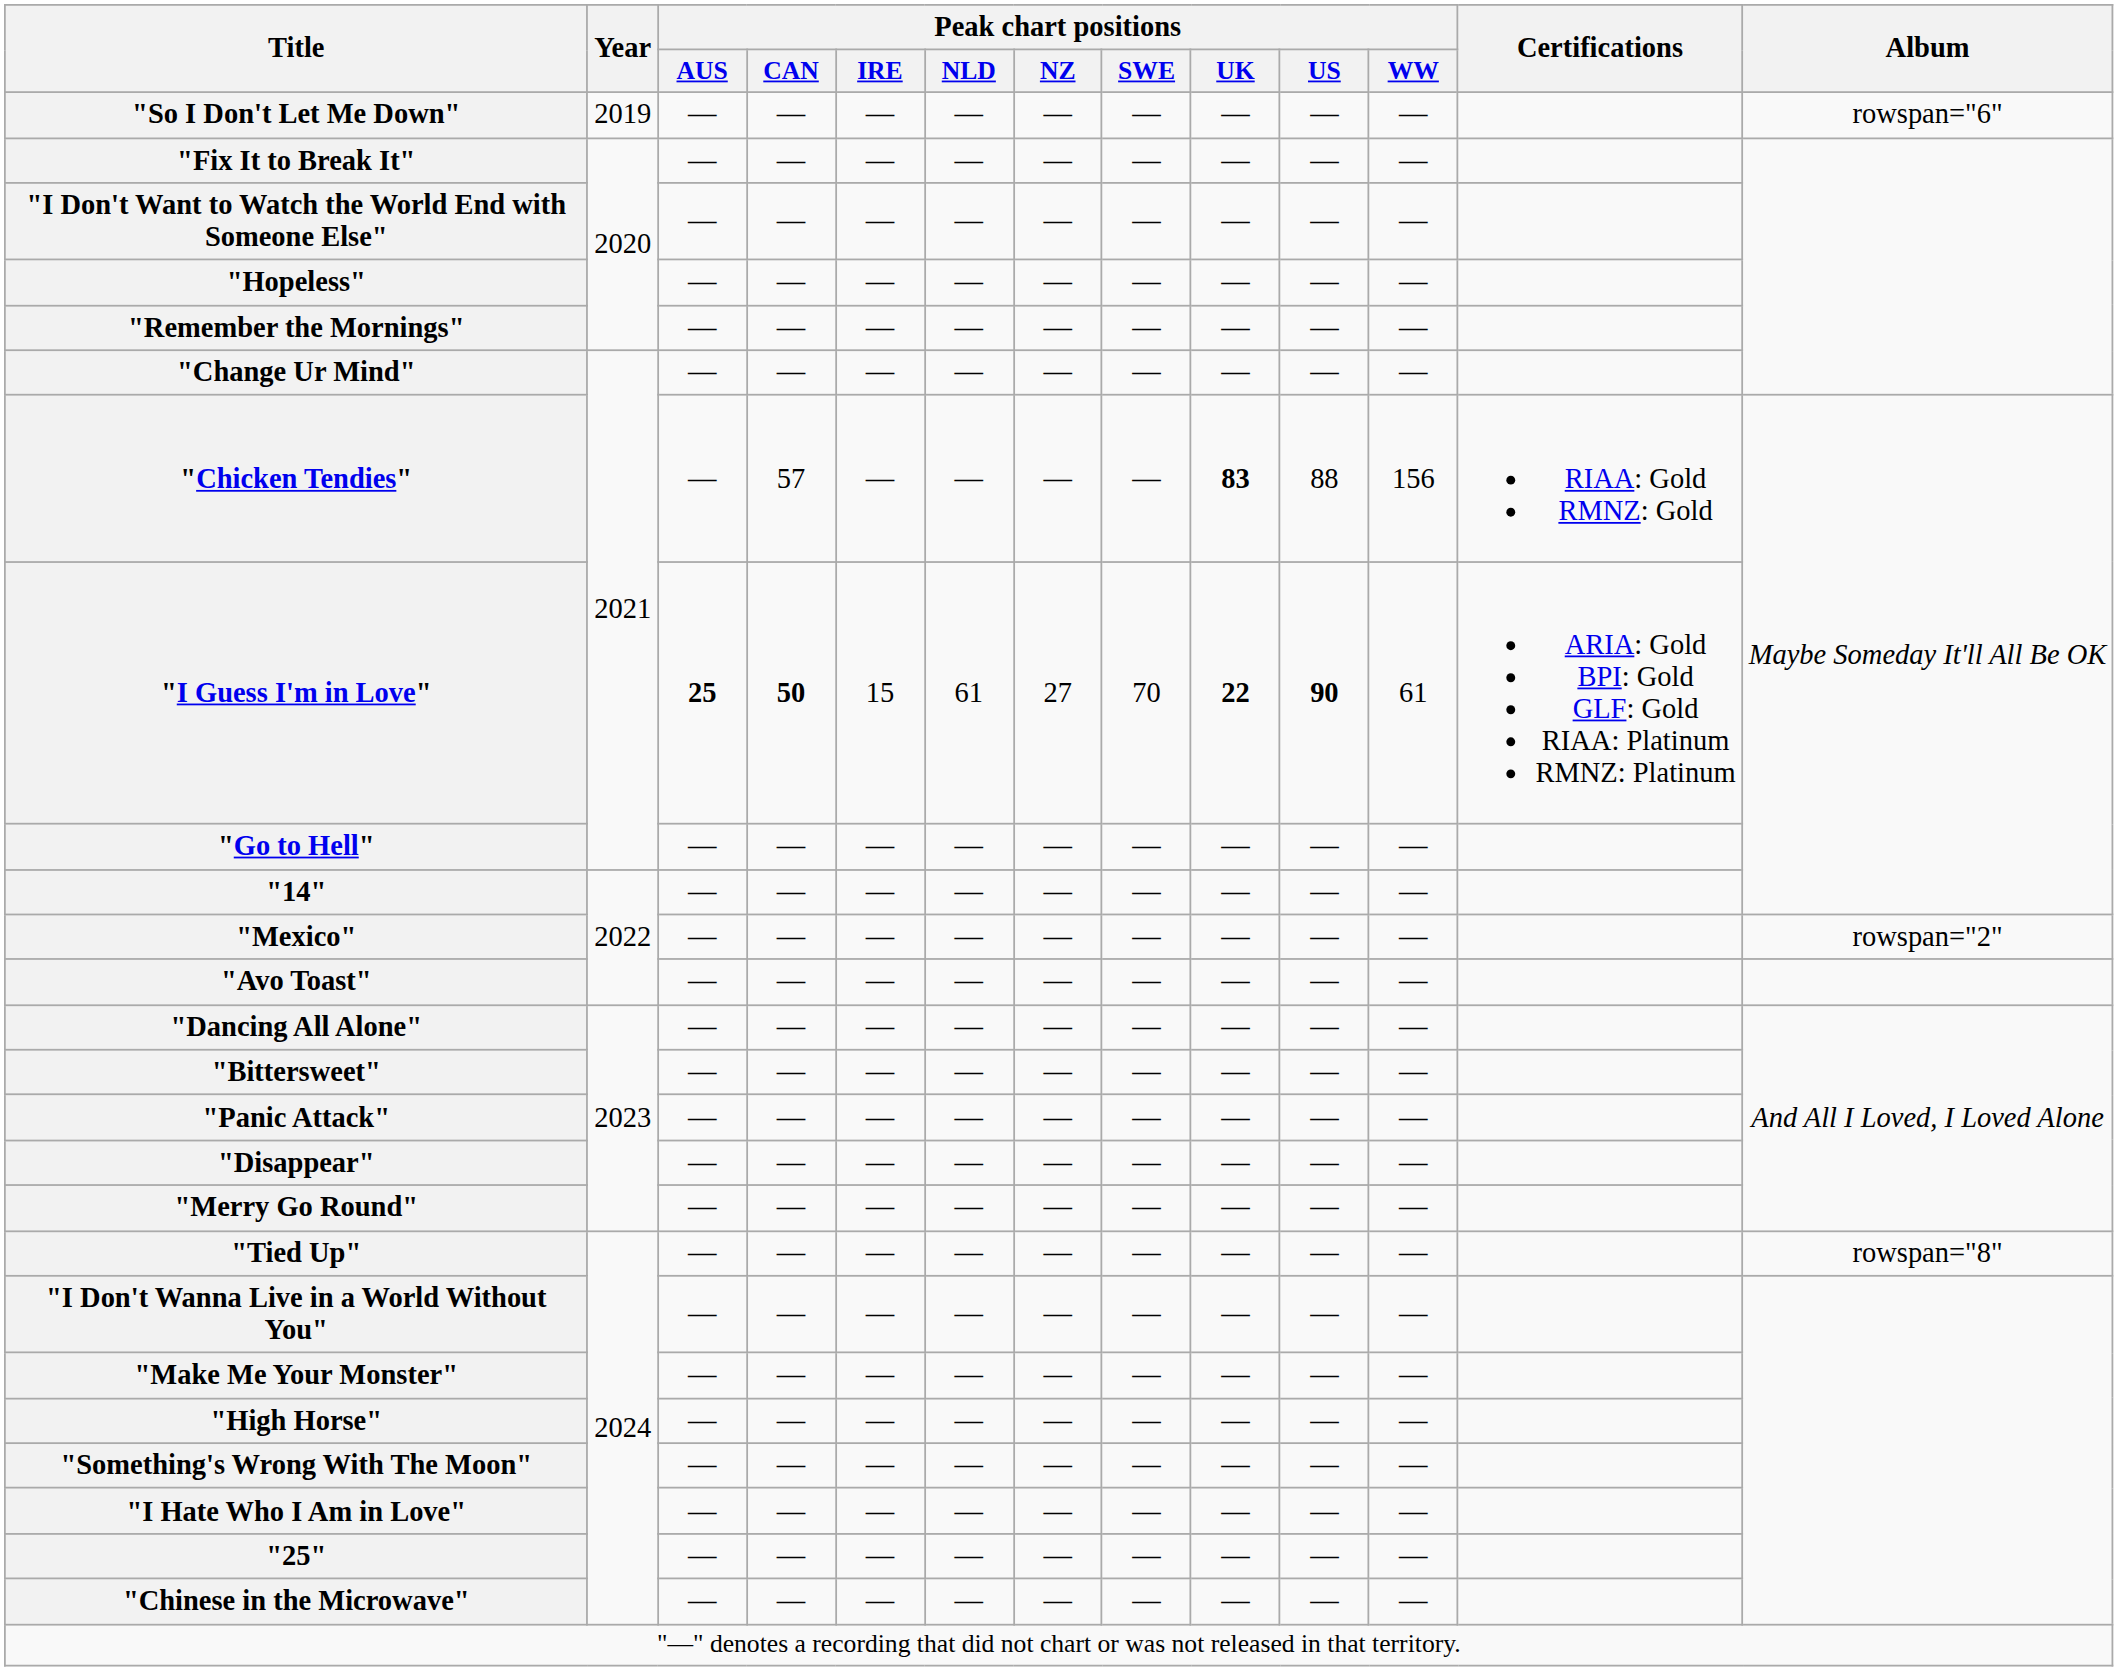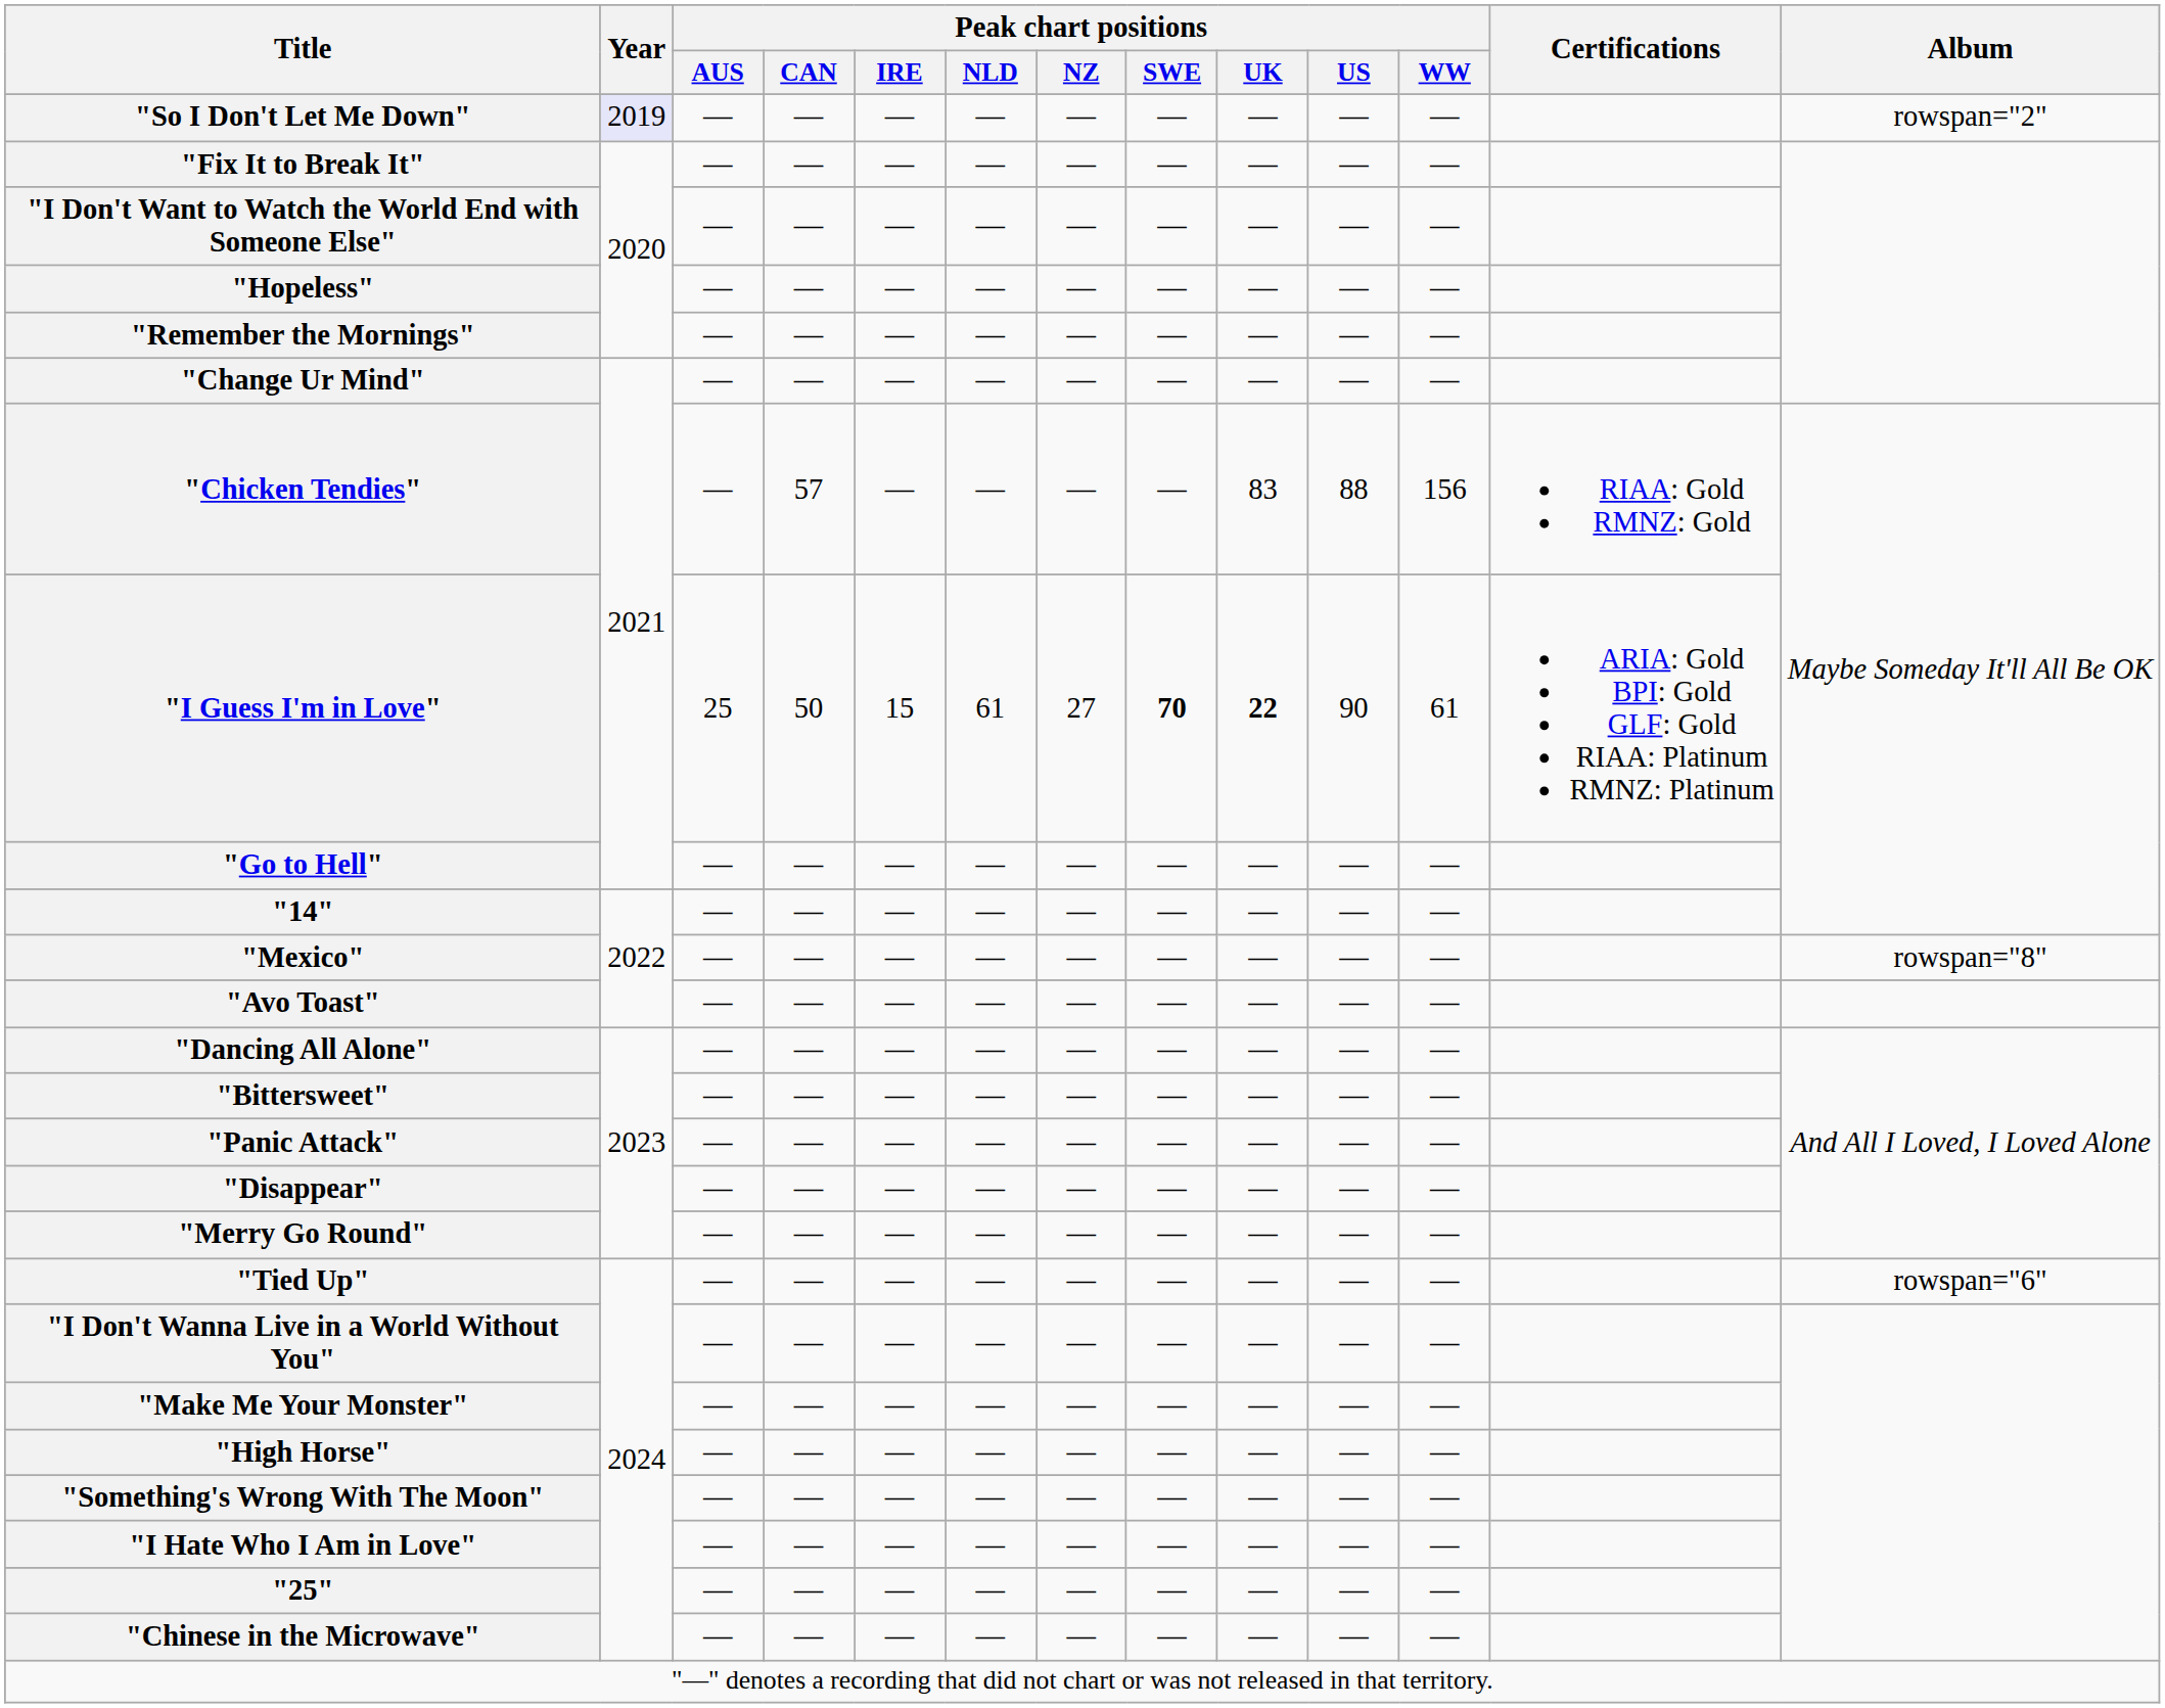 <table class="wikitable plainrowheaders" style="text-align:center;">
 <tr>
 <th scope="col" rowspan="2" style="width:20em;">Title</th>
 <th scope="col" rowspan="2">Year</th>
 <th scope="col" colspan="9">Peak chart positions</th>
 <th scope="col" rowspan="2">Certifications</th>
 <th scope="col" rowspan="2">Album</th>
 </tr>
 <tr>
 <th scope="col" style="width:3em;font-size:90%;"><a href='#'>AUS</a><br></th>
 <th scope="col" style="width:3em;font-size:90%;"><a href='#'>CAN</a><br></th>
 <th scope="col" style="width:3em;font-size:90%;"><a href='#'>IRE</a><br></th>
 <th scope="col" style="width:3em;font-size:90%;"><a href='#'>NLD</a><br></th>
 <th scope="col" style="width:3em;font-size:90%;"><a href='#'>NZ</a><br></th>
 <th scope="col" style="width:3em;font-size:90%;"><a href='#'>SWE</a><br></th>
 <th scope="col" style="width:3em;font-size:90%;"><a href='#'>UK</a><br></th>
 <th scope="col" style="width:3em;font-size:90%;"><a href='#'>US</a><br></th>
 <th scope="col" style="width:3em;font-size:90%;"><a href='#'>WW</a><br></th>
 </tr>
 <tr>
 <th scope="row">"So I Don't Let Me Down"</th>
-<td>2019</td>
+<td style="background: lavender;">2019</td>
 <td>—</td>
 <td>—</td>
 <td>—</td>
 <td>—</td>
 <td>—</td>
 <td>—</td>
 <td>—</td>
 <td>—</td>
 <td>—</td>
 <td></td>
-<td>rowspan="6" </td>
+<td>rowspan="2" </td>
 </tr>
 <tr>
 <th scope="row">"Fix It to Break It"</th>
 <td rowspan="4">2020</td>
 <td>—</td>
 <td>—</td>
 <td>—</td>
 <td>—</td>
 <td>—</td>
 <td>—</td>
 <td>—</td>
 <td>—</td>
 <td>—</td>
 <td></td>
 </tr>
 <tr>
 <th scope="row">"I Don't Want to Watch the World End with Someone Else"</th>
 <td>—</td>
 <td>—</td>
 <td>—</td>
 <td>—</td>
 <td>—</td>
 <td>—</td>
 <td>—</td>
 <td>—</td>
 <td>—</td>
 <td></td>
 </tr>
 <tr>
 <th scope="row">"Hopeless"</th>
 <td>—</td>
 <td>—</td>
 <td>—</td>
 <td>—</td>
 <td>—</td>
 <td>—</td>
 <td>—</td>
 <td>—</td>
 <td>—</td>
 <td></td>
 </tr>
 <tr>
 <th scope="row">"Remember the Mornings"</th>
 <td>—</td>
 <td>—</td>
 <td>—</td>
 <td>—</td>
 <td>—</td>
 <td>—</td>
 <td>—</td>
 <td>—</td>
 <td>—</td>
 <td></td>
 </tr>
 <tr>
 <th scope="row">"Change Ur Mind"<br></th>
 <td rowspan="4">2021</td>
 <td>—</td>
 <td>—</td>
 <td>—</td>
 <td>—</td>
 <td>—</td>
 <td>—</td>
 <td>—</td>
 <td>—</td>
 <td>—</td>
 <td></td>
 </tr>
 <tr>
 <th scope="row">"<a href='#'>Chicken Tendies</a>"</th>
 <td>—</td>
 <td>57</td>
 <td>—</td>
 <td>—</td>
 <td>—</td>
 <td>—</td>
-<td><strong>83</strong></td>
+<td>83</td>
 <td>88</td>
 <td>156</td>
 <td><br><ul><li><a href='#'>RIAA</a>: Gold</li><li><a href='#'>RMNZ</a>: Gold</li></ul></td>
 <td rowspan="4"><em>Maybe Someday It'll All Be OK</em></td>
 </tr>
 <tr>
 <th scope="row">"<a href='#'>I Guess I'm in Love</a>"</th>
-<td><strong>25</strong></td>
-<td><strong>50</strong></td>
+<td>25</td>
+<td>50</td>
 <td>15</td>
 <td>61</td>
 <td>27</td>
-<td>70</td>
+<td><strong>70</strong></td>
 <td><strong>22</strong></td>
-<td><strong>90</strong></td>
+<td>90</td>
 <td>61</td>
 <td><br><ul><li><a href='#'>ARIA</a>: Gold</li><li><a href='#'>BPI</a>: Gold</li><li><a href='#'>GLF</a>: Gold</li><li>RIAA: Platinum</li><li>RMNZ: Platinum</li></ul></td>
 </tr>
 <tr>
 <th scope="row">"<a href='#'>Go to Hell</a>"</th>
 <td>—</td>
 <td>—</td>
 <td>—</td>
 <td>—</td>
 <td>—</td>
 <td>—</td>
 <td>—</td>
 <td>—</td>
 <td>—</td>
 <td></td>
 </tr>
 <tr>
 <th scope="row">"14"</th>
 <td rowspan="3">2022</td>
 <td>—</td>
 <td>—</td>
 <td>—</td>
 <td>—</td>
 <td>—</td>
 <td>—</td>
 <td>—</td>
 <td>—</td>
 <td>—</td>
 <td></td>
 </tr>
 <tr>
 <th scope="row">"Mexico"</th>
 <td>—</td>
 <td>—</td>
 <td>—</td>
 <td>—</td>
 <td>—</td>
 <td>—</td>
 <td>—</td>
 <td>—</td>
 <td>—</td>
 <td></td>
-<td>rowspan="2" </td>
+<td>rowspan="8" </td>
 </tr>
 <tr>
 <th scope="row">"Avo Toast"</th>
 <td>—</td>
 <td>—</td>
 <td>—</td>
 <td>—</td>
 <td>—</td>
 <td>—</td>
 <td>—</td>
 <td>—</td>
 <td>—</td>
 <td></td>
 </tr>
 <tr>
 <th scope="row">"Dancing All Alone"</th>
 <td rowspan="5">2023</td>
 <td>—</td>
 <td>—</td>
 <td>—</td>
 <td>—</td>
 <td>—</td>
 <td>—</td>
 <td>—</td>
 <td>—</td>
 <td>—</td>
 <td></td>
 <td rowspan="5"><em>And All I Loved, I Loved Alone</em></td>
 </tr>
 <tr>
 <th scope="row">"Bittersweet"</th>
 <td>—</td>
 <td>—</td>
 <td>—</td>
 <td>—</td>
 <td>—</td>
 <td>—</td>
 <td>—</td>
 <td>—</td>
 <td>—</td>
 <td></td>
 </tr>
 <tr>
 <th scope="row">"Panic Attack"</th>
 <td>—</td>
 <td>—</td>
 <td>—</td>
 <td>—</td>
 <td>—</td>
 <td>—</td>
 <td>—</td>
 <td>—</td>
 <td>—</td>
 <td></td>
 </tr>
 <tr>
 <th scope="row">"Disappear"</th>
 <td>—</td>
 <td>—</td>
 <td>—</td>
 <td>—</td>
 <td>—</td>
 <td>—</td>
 <td>—</td>
 <td>—</td>
 <td>—</td>
 <td></td>
 </tr>
 <tr>
 <th scope="row">"Merry Go Round"</th>
 <td>—</td>
 <td>—</td>
 <td>—</td>
 <td>—</td>
 <td>—</td>
 <td>—</td>
 <td>—</td>
 <td>—</td>
 <td>—</td>
 <td></td>
 </tr>
 <tr>
 <th scope="row">"Tied Up"</th>
 <td rowspan="8">2024</td>
 <td>—</td>
 <td>—</td>
 <td>—</td>
 <td>—</td>
 <td>—</td>
 <td>—</td>
 <td>—</td>
 <td>—</td>
 <td>—</td>
 <td></td>
-<td>rowspan="8" </td>
+<td>rowspan="6" </td>
 </tr>
 <tr>
 <th scope="row">"I Don't Wanna Live in a World Without You"</th>
 <td>—</td>
 <td>—</td>
 <td>—</td>
 <td>—</td>
 <td>—</td>
 <td>—</td>
 <td>—</td>
 <td>—</td>
 <td>—</td>
 <td></td>
 </tr>
 <tr>
 <th scope="row">"Make Me Your Monster"</th>
 <td>—</td>
 <td>—</td>
 <td>—</td>
 <td>—</td>
 <td>—</td>
 <td>—</td>
 <td>—</td>
 <td>—</td>
 <td>—</td>
 <td></td>
 </tr>
 <tr>
 <th scope="row">"High Horse"</th>
 <td>—</td>
 <td>—</td>
 <td>—</td>
 <td>—</td>
 <td>—</td>
 <td>—</td>
 <td>—</td>
 <td>—</td>
 <td>—</td>
 <td></td>
 </tr>
 <tr>
 <th scope="row">"Something's Wrong With The Moon"</th>
 <td>—</td>
 <td>—</td>
 <td>—</td>
 <td>—</td>
 <td>—</td>
 <td>—</td>
 <td>—</td>
 <td>—</td>
 <td>—</td>
 <td></td>
 </tr>
 <tr>
 <th scope="row">"I Hate Who I Am in Love"</th>
 <td>—</td>
 <td>—</td>
 <td>—</td>
 <td>—</td>
 <td>—</td>
 <td>—</td>
 <td>—</td>
 <td>—</td>
 <td>—</td>
 <td></td>
 </tr>
 <tr>
 <th scope="row">"25"</th>
 <td>—</td>
 <td>—</td>
 <td>—</td>
 <td>—</td>
 <td>—</td>
 <td>—</td>
 <td>—</td>
 <td>—</td>
 <td>—</td>
 <td></td>
 </tr>
 <tr>
 <th scope="row">"Chinese in the Microwave"</th>
 <td>—</td>
 <td>—</td>
 <td>—</td>
 <td>—</td>
 <td>—</td>
 <td>—</td>
 <td>—</td>
 <td>—</td>
 <td>—</td>
 <td></td>
 </tr>
 <tr>
 <td colspan="13" style="font-size:90%">"—" denotes a recording that did not chart or was not released in that territory.</td>
 </tr>
 </table>
